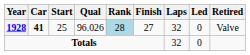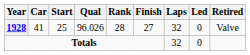 <table class="wikitable" style="text-align:center">
 <tr>
 <th>Year</th>
 <th>Car</th>
 <th>Start</th>
 <th>Qual</th>
 <th>Rank</th>
 <th>Finish</th>
 <th>Laps</th>
 <th>Led</th>
 <th>Retired</th>
 </tr>
 <tr>
 <th><a href='#'>1928</a></th>
-<td><strong>41</strong></td>
+<td>41</td>
 <td>25</td>
 <td>96.026</td>
-<td style="background: lightblue;">28</td>
+<td>28</td>
 <td>27</td>
 <td>32</td>
 <td>0</td>
 <td>Valve</td>
 </tr>
 <tr>
 <td colspan=6><strong>Totals</strong></td>
 <td>32</td>
 <td>0</td>
 <td></td>
 </tr>
 </table>
